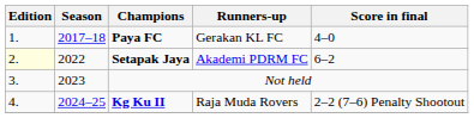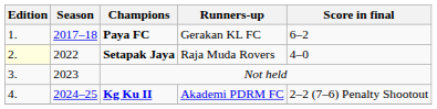 <table class=wikitable>
 <tr>
 <th>Edition</th>
 <th>Season</th>
 <th>Champions</th>
 <th>Runners-up</th>
 <th>Score in final</th>
 </tr>
 <tr>
 <td>1.</td>
 <td><a href='#'>2017–18</a></td>
 <td><strong>Paya FC</strong></td>
 <td>Gerakan KL FC</td>
-<td>4–0</td>
+<td>6–2</td>
 </tr>
 <tr>
 <td style="background: lightyellow;">2.</td>
 <td>2022</td>
 <td><strong>Setapak Jaya</strong></td>
-<td><a href='#'>Akademi PDRM FC</a></td>
-<td>6–2</td>
+<td>Raja Muda Rovers</td>
+<td>4–0</td>
 </tr>
 <tr>
 <td>3.</td>
 <td>2023</td>
 <td colspan="3" align="center"><em>Not held</em></td>
 </tr>
 <tr>
 <td>4.</td>
 <td><a href='#'>2024–25</a></td>
 <td><strong><a href='#'>Kg Ku II</a></strong></td>
-<td>Raja Muda Rovers</td>
+<td><a href='#'>Akademi PDRM FC</a></td>
 <td>2–2 (7–6) Penalty Shootout</td>
 </tr>
 <tr>
 </tr>
 </table>
